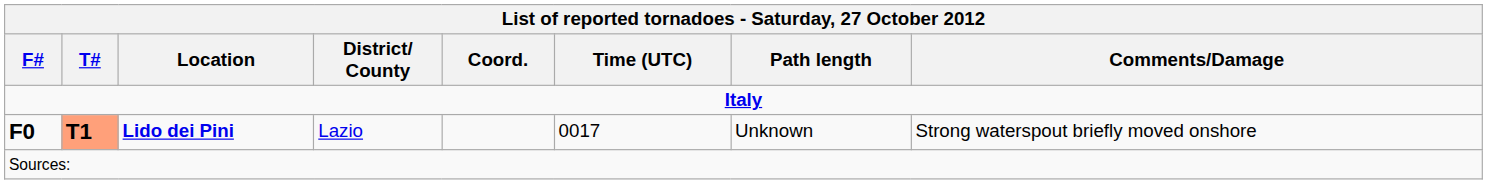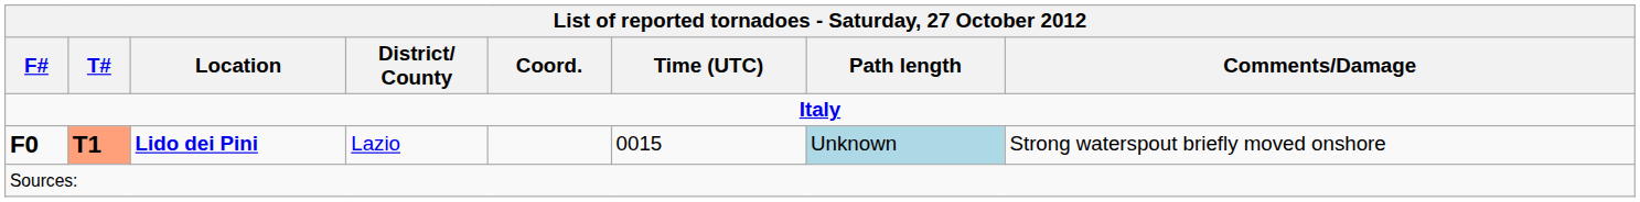 <table class="wikitable collapsible" width="100%">
 <tr>
 <th colspan="8">List of reported tornadoes - Saturday, 27 October 2012</th>
 </tr>
 <tr>
 <th><a href='#'>F#</a></th>
 <th><a href='#'>T#</a></th>
 <th>Location</th>
 <th>District/<br>County</th>
 <th>Coord.</th>
 <th>Time (UTC)</th>
 <th>Path length</th>
 <th>Comments/Damage</th>
 </tr>
 <tr>
 <td colspan="8" align=center><strong><a href='#'>Italy</a></strong></td>
 </tr>
 <tr>
 <td><big><strong>F0</strong></big></td>
 <td style="background: lightsalmon;"><big><strong>T1</strong></big></td>
 <td><strong><a href='#'>Lido dei Pini</a></strong></td>
 <td><a href='#'>Lazio</a></td>
 <td></td>
-<td>0017</td>
-<td>Unknown</td>
+<td>0015</td>
+<td style="background: lightblue;">Unknown</td>
 <td>Strong waterspout briefly moved onshore</td>
 </tr>
 <tr>
 <td colspan="8"><small>Sources:  </small></td>
 </tr>
 </table>
